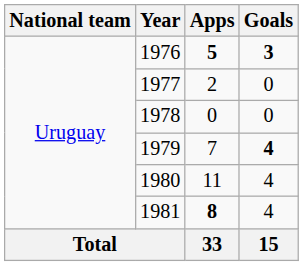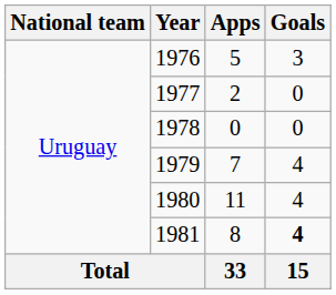 <table class=wikitable style=text-align:center>
 <tr>
 <th>National team</th>
 <th>Year</th>
 <th>Apps</th>
 <th>Goals</th>
 </tr>
 <tr>
 <td rowspan="6"><a href='#'>Uruguay</a></td>
 <td>1976</td>
-<td><strong>5</strong></td>
-<td><strong>3</strong></td>
+<td>5</td>
+<td>3</td>
 </tr>
 <tr>
 <td>1977</td>
 <td>2</td>
 <td>0</td>
 </tr>
 <tr>
 <td>1978</td>
 <td>0</td>
 <td>0</td>
 </tr>
 <tr>
 <td>1979</td>
 <td>7</td>
-<td><strong>4</strong></td>
+<td>4</td>
 </tr>
 <tr>
 <td>1980</td>
 <td>11</td>
 <td>4</td>
 </tr>
 <tr>
 <td>1981</td>
-<td><strong>8</strong></td>
-<td>4</td>
+<td>8</td>
+<td><strong>4</strong></td>
 </tr>
 <tr>
 <th colspan="2">Total</th>
 <th>33</th>
 <th>15</th>
 </tr>
 </table>
